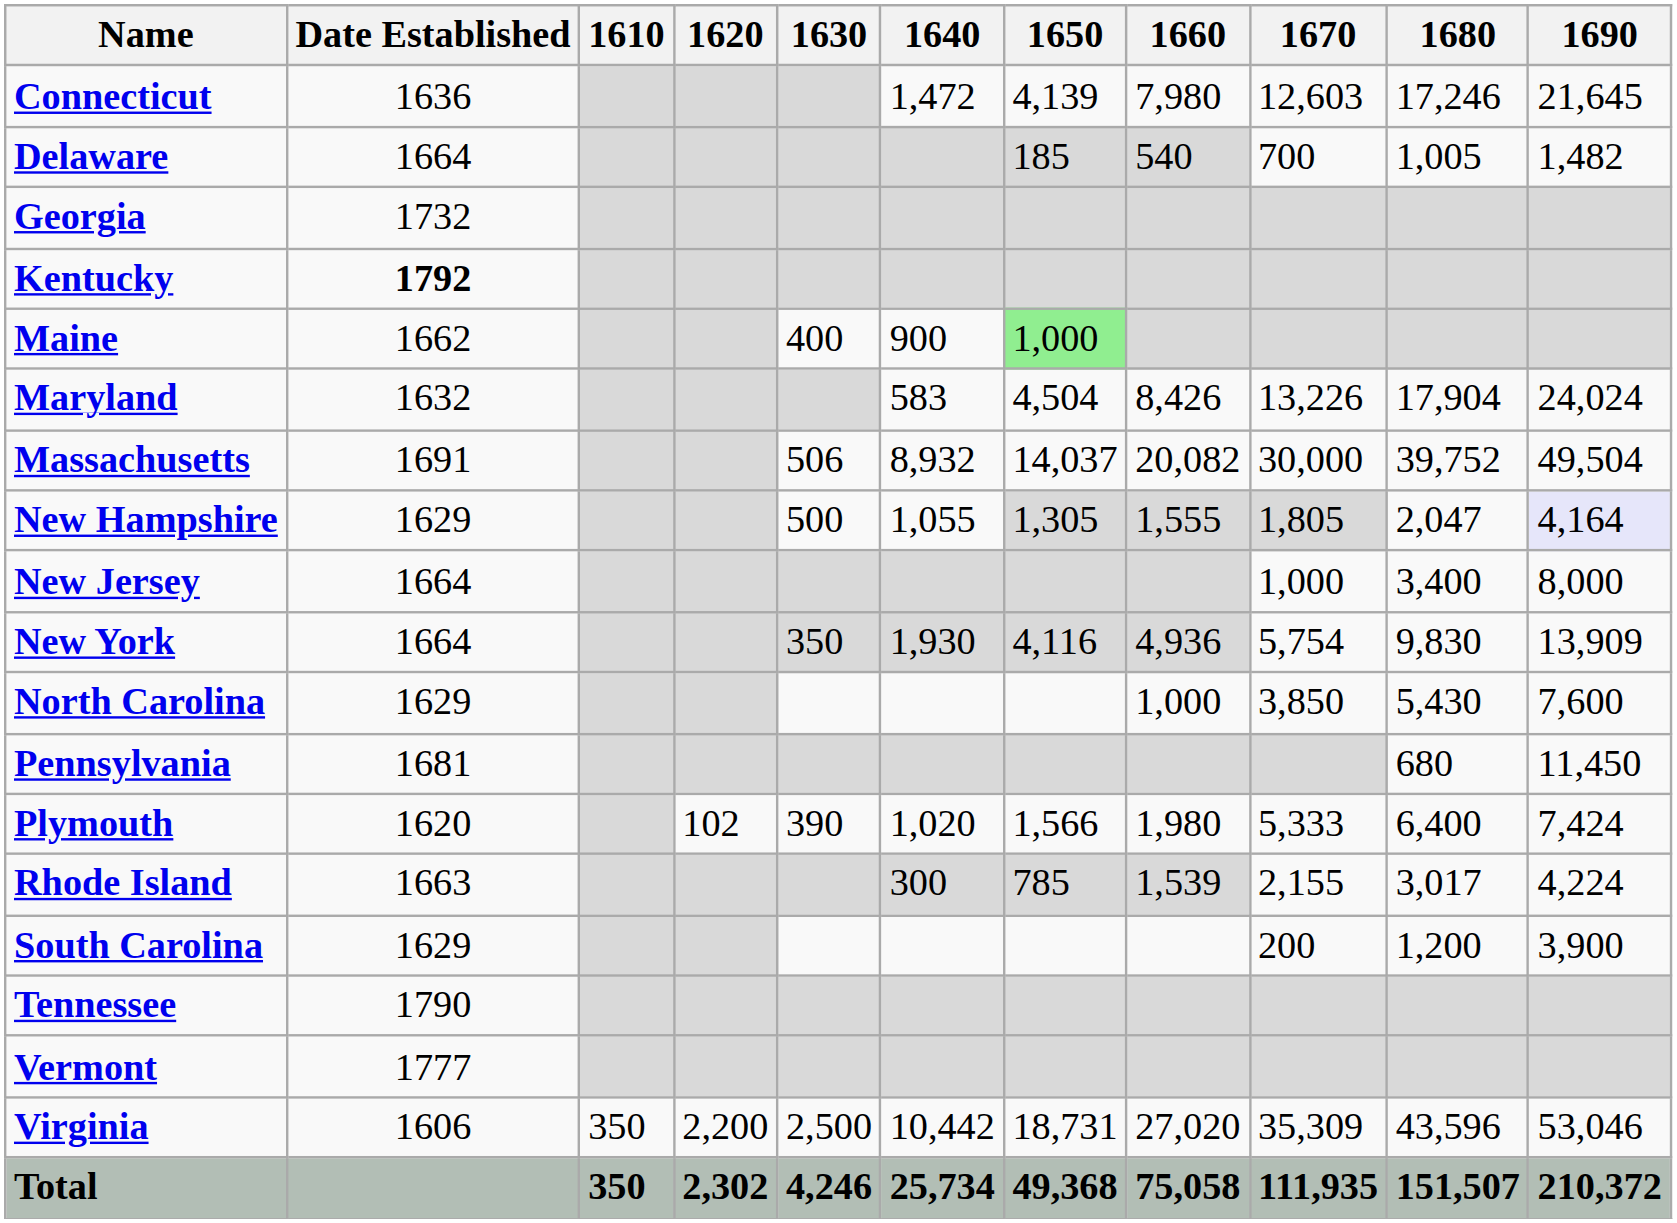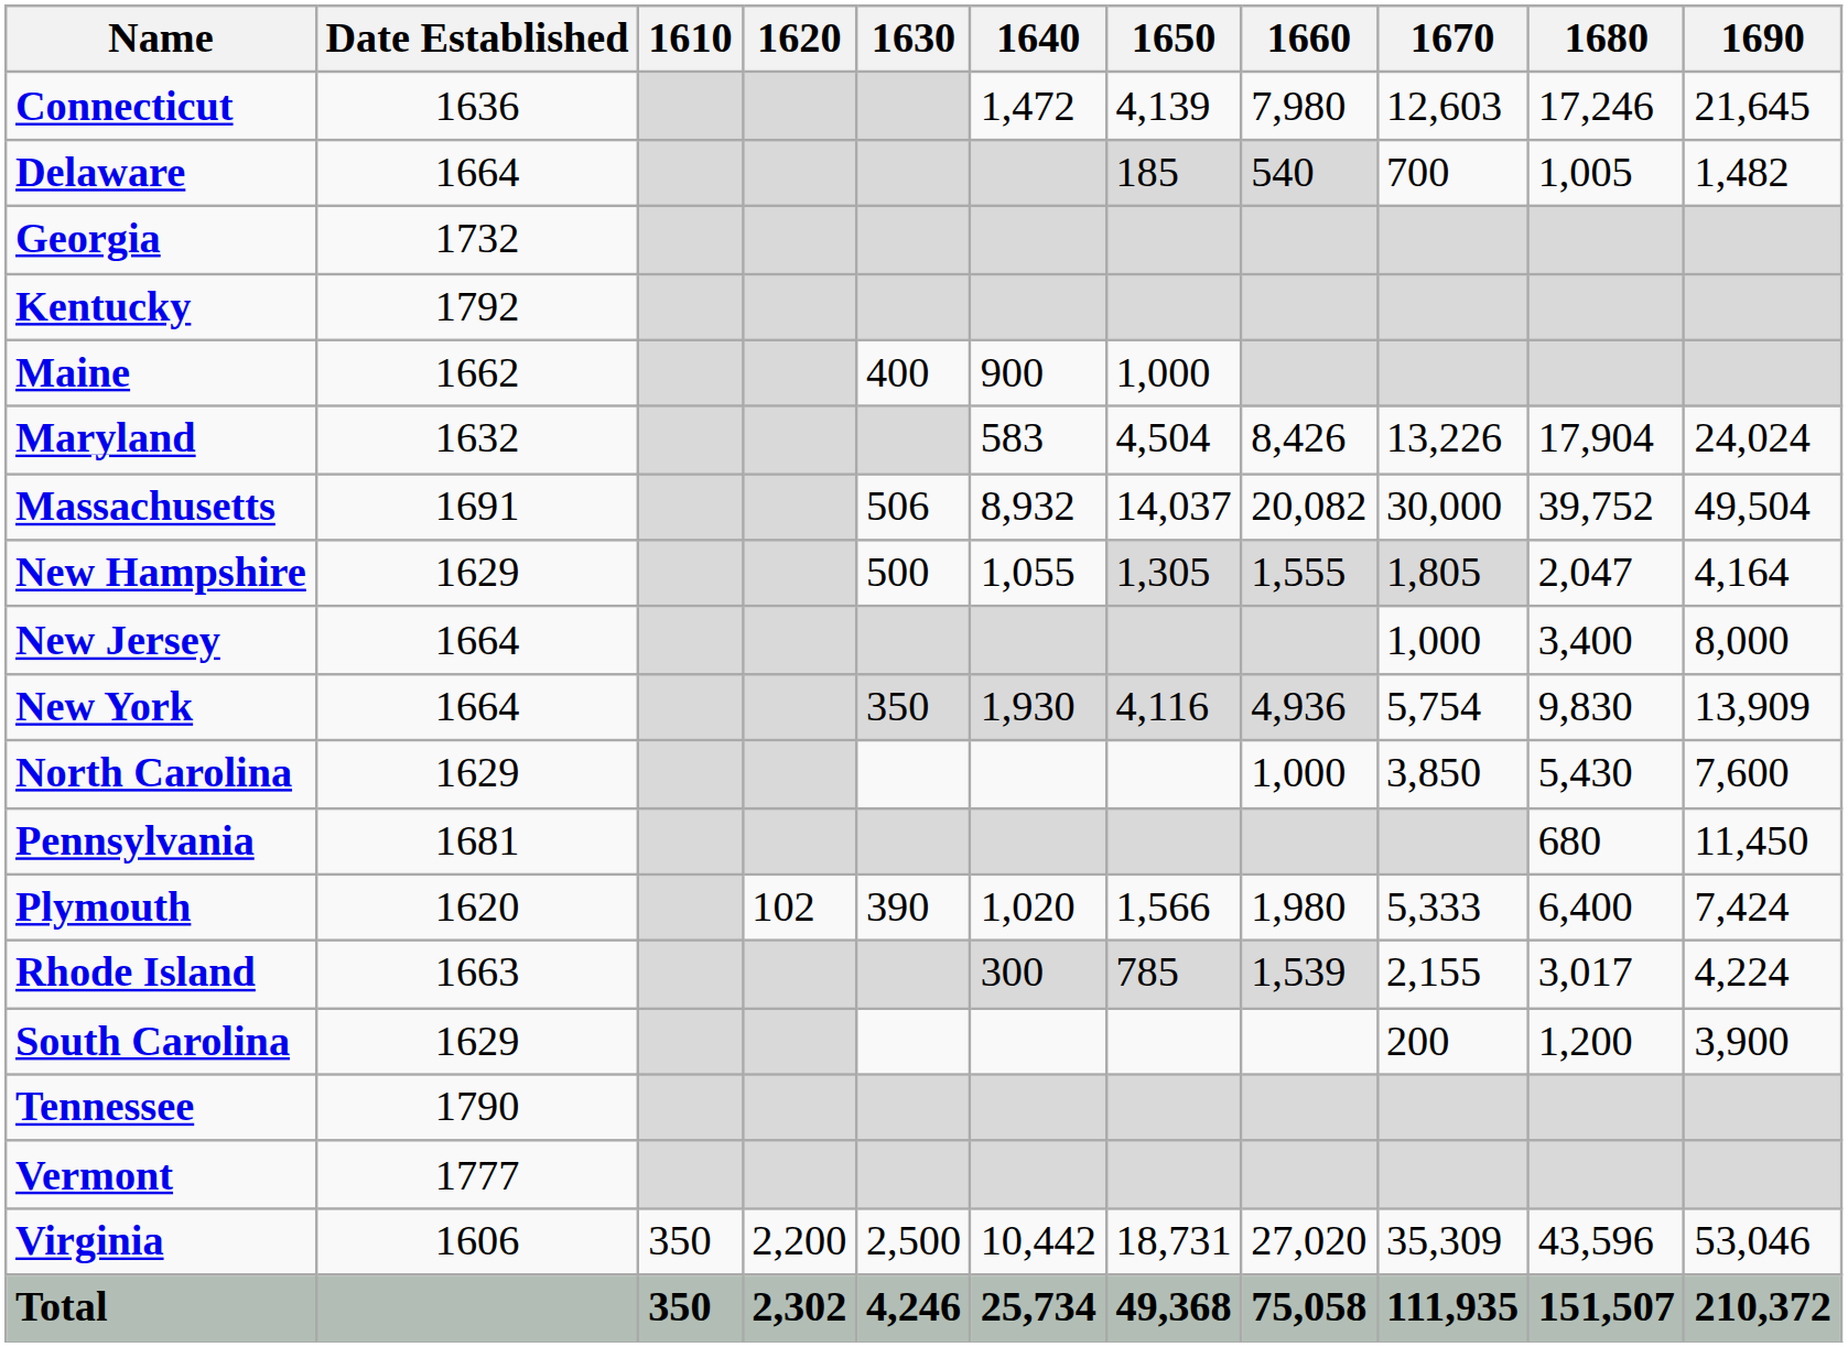 <table class="wikitable sortable" style="font-size:100%" style="text-align:right;">
 <tr bgcolor="#CCCCCC">
 <th>Name</th>
 <th data-sort-type="number">Date Established</th>
 <th data-sort-type="number">1610</th>
 <th data-sort-type="number">1620</th>
 <th data-sort-type="number">1630</th>
 <th data-sort-type="number">1640</th>
 <th data-sort-type="number">1650</th>
 <th data-sort-type="number">1660</th>
 <th data-sort-type="number">1670</th>
 <th data-sort-type="number">1680</th>
 <th data-sort-type="number">1690</th>
 </tr>
 <tr>
 <td height="13" align="left"><strong><a href='#'>Connecticut</a></strong></td>
 <td align="center">1636</td>
 <td style="background-color:#D9D9D9" align="center"></td>
 <td style="background-color:#D9D9D9" align="center"></td>
 <td style="background-color:#D9D9D9" align="center"></td>
 <td>1,472</td>
 <td>4,139</td>
 <td>7,980</td>
 <td>12,603</td>
 <td>17,246</td>
 <td>21,645</td>
 </tr>
 <tr>
 <td height="13" align="left"><strong><a href='#'>Delaware</a></strong></td>
 <td align="center">1664</td>
 <td style="background-color:#D9D9D9" align="center"></td>
 <td style="background-color:#D9D9D9" align="center"></td>
 <td style="background-color:#D9D9D9" align="center"></td>
 <td style="background-color:#D9D9D9" align="center"></td>
 <td style="background-color:#D9D9D9">185</td>
 <td style="background-color:#D9D9D9">540</td>
 <td>700</td>
 <td>1,005</td>
 <td>1,482</td>
 </tr>
 <tr>
 <td height="13" align="left"><strong><a href='#'>Georgia</a></strong></td>
 <td align="center">1732</td>
 <td style="background-color:#D9D9D9" align="center"></td>
 <td style="background-color:#D9D9D9" align="center"></td>
 <td style="background-color:#D9D9D9" align="center"></td>
 <td style="background-color:#D9D9D9" align="center"></td>
 <td style="background-color:#D9D9D9" align="center"></td>
 <td style="background-color:#D9D9D9" align="center"></td>
 <td style="background-color:#D9D9D9" align="center"></td>
 <td style="background-color:#D9D9D9" align="center"></td>
 <td style="background-color:#D9D9D9" align="center"></td>
 </tr>
 <tr>
 <td height="13" align="left"><strong><a href='#'>Kentucky</a></strong></td>
-<td align="center"><strong>1792</strong></td>
+<td align="center">1792</td>
 <td style="background-color:#D9D9D9" align="center"></td>
 <td style="background-color:#D9D9D9" align="center"></td>
 <td style="background-color:#D9D9D9" align="center"></td>
 <td style="background-color:#D9D9D9" align="center"></td>
 <td style="background-color:#D9D9D9" align="center"></td>
 <td style="background-color:#D9D9D9" align="center"></td>
 <td style="background-color:#D9D9D9" align="center"></td>
 <td style="background-color:#D9D9D9" align="center"></td>
 <td style="background-color:#D9D9D9" align="center"></td>
 </tr>
 <tr>
 <td height="13" align="left"><strong><a href='#'>Maine</a></strong></td>
 <td align="center">1662</td>
 <td style="background-color:#D9D9D9" align="center"></td>
 <td style="background-color:#D9D9D9" align="center"></td>
 <td>400</td>
 <td>900</td>
-<td style="background: lightgreen;">1,000</td>
+<td>1,000</td>
 <td style="background-color:#D9D9D9" align="center"></td>
 <td style="background-color:#D9D9D9" align="center"></td>
 <td style="background-color:#D9D9D9" align="center"></td>
 <td style="background-color:#D9D9D9" align="center"></td>
 </tr>
 <tr>
 <td height="13" align="left"><strong><a href='#'>Maryland</a></strong></td>
 <td align="center">1632</td>
 <td style="background-color:#D9D9D9" align="center"></td>
 <td style="background-color:#D9D9D9" align="center"></td>
 <td style="background-color:#D9D9D9" align="center"></td>
 <td>583</td>
 <td>4,504</td>
 <td>8,426</td>
 <td>13,226</td>
 <td>17,904</td>
 <td>24,024</td>
 </tr>
 <tr>
 <td height="13" align="left"><strong><a href='#'>Massachusetts</a></strong></td>
 <td align="center">1691</td>
 <td style="background-color:#D9D9D9" align="center"></td>
 <td style="background-color:#D9D9D9" align="center"></td>
 <td>506</td>
 <td>8,932</td>
 <td>14,037</td>
 <td>20,082</td>
 <td>30,000</td>
 <td>39,752</td>
 <td>49,504</td>
 </tr>
 <tr>
 <td height="13" align="left"><strong><a href='#'>New Hampshire</a></strong></td>
 <td align="center">1629</td>
 <td style="background-color:#D9D9D9" align="center"></td>
 <td style="background-color:#D9D9D9" align="center"></td>
 <td>500</td>
 <td>1,055</td>
 <td style="background-color:#D9D9D9">1,305</td>
 <td style="background-color:#D9D9D9">1,555</td>
 <td style="background-color:#D9D9D9">1,805</td>
 <td>2,047</td>
-<td style="background: lavender;">4,164</td>
+<td>4,164</td>
 </tr>
 <tr>
 <td height="13" align="left"><strong><a href='#'>New Jersey</a></strong></td>
 <td align="center">1664</td>
 <td style="background-color:#D9D9D9" align="center"></td>
 <td style="background-color:#D9D9D9" align="center"></td>
 <td style="background-color:#D9D9D9" align="center"></td>
 <td style="background-color:#D9D9D9" align="center"></td>
 <td style="background-color:#D9D9D9" align="center"></td>
 <td style="background-color:#D9D9D9" align="center"></td>
 <td>1,000</td>
 <td>3,400</td>
 <td>8,000</td>
 </tr>
 <tr>
 <td height="13" align="left"><strong><a href='#'>New York</a></strong></td>
 <td align="center">1664</td>
 <td style="background-color:#D9D9D9" align="center"></td>
 <td style="background-color:#D9D9D9" align="center"></td>
 <td style="background-color:#D9D9D9">350</td>
 <td style="background-color:#D9D9D9">1,930</td>
 <td style="background-color:#D9D9D9">4,116</td>
 <td style="background-color:#D9D9D9">4,936</td>
 <td>5,754</td>
 <td>9,830</td>
 <td>13,909</td>
 </tr>
 <tr>
 <td height="13" align="left"><strong><a href='#'>North Carolina</a></strong></td>
 <td align="center">1629</td>
 <td style="background-color:#D9D9D9" align="center"></td>
 <td style="background-color:#D9D9D9" align="center"></td>
 <td align="center"></td>
 <td align="center"></td>
 <td align="center"></td>
 <td>1,000</td>
 <td>3,850</td>
 <td>5,430</td>
 <td>7,600</td>
 </tr>
 <tr>
 <td height="13" align="left"><strong><a href='#'>Pennsylvania</a></strong></td>
 <td align="center">1681</td>
 <td style="background-color:#D9D9D9" align="center"></td>
 <td style="background-color:#D9D9D9" align="center"></td>
 <td style="background-color:#D9D9D9" align="center"></td>
 <td style="background-color:#D9D9D9" align="center"></td>
 <td style="background-color:#D9D9D9" align="center"></td>
 <td style="background-color:#D9D9D9" align="center"></td>
 <td style="background-color:#D9D9D9" align="center"></td>
 <td>680</td>
 <td>11,450</td>
 </tr>
 <tr>
 <td height="13" align="left"><strong><a href='#'>Plymouth</a></strong></td>
 <td align="center">1620</td>
 <td style="background-color:#D9D9D9" align="center"></td>
 <td>102</td>
 <td>390</td>
 <td>1,020</td>
 <td>1,566</td>
 <td>1,980</td>
 <td>5,333</td>
 <td>6,400</td>
 <td>7,424</td>
 </tr>
 <tr>
 <td height="13" align="left"><strong><a href='#'>Rhode Island</a></strong></td>
 <td align="center">1663</td>
 <td style="background-color:#D9D9D9" align="center"></td>
 <td style="background-color:#D9D9D9" align="center"></td>
 <td style="background-color:#D9D9D9" align="center"></td>
 <td style="background-color:#D9D9D9">300</td>
 <td style="background-color:#D9D9D9">785</td>
 <td style="background-color:#D9D9D9">1,539</td>
 <td>2,155</td>
 <td>3,017</td>
 <td>4,224</td>
 </tr>
 <tr>
 <td height="13" align="left"><strong><a href='#'>South Carolina</a></strong></td>
 <td align="center">1629</td>
 <td style="background-color:#D9D9D9" align="center"></td>
 <td style="background-color:#D9D9D9" align="center"></td>
 <td align="center"></td>
 <td align="center"></td>
 <td align="center"></td>
 <td align="center"></td>
 <td>200</td>
 <td>1,200</td>
 <td>3,900</td>
 </tr>
 <tr>
 <td height="13" align="left"><strong><a href='#'>Tennessee</a></strong></td>
 <td align="center">1790</td>
 <td style="background-color:#D9D9D9" align="center"></td>
 <td style="background-color:#D9D9D9" align="center"></td>
 <td style="background-color:#D9D9D9" align="center"></td>
 <td style="background-color:#D9D9D9" align="center"></td>
 <td style="background-color:#D9D9D9" align="center"></td>
 <td style="background-color:#D9D9D9" align="center"></td>
 <td style="background-color:#D9D9D9" align="center"></td>
 <td style="background-color:#D9D9D9" align="center"></td>
 <td style="background-color:#D9D9D9" align="center"></td>
 </tr>
 <tr>
 <td height="13" align="left"><strong><a href='#'>Vermont</a></strong></td>
 <td align="center">1777</td>
 <td style="background-color:#D9D9D9" align="center"></td>
 <td style="background-color:#D9D9D9" align="center"></td>
 <td style="background-color:#D9D9D9" align="center"></td>
 <td style="background-color:#D9D9D9" align="center"></td>
 <td style="background-color:#D9D9D9" align="center"></td>
 <td style="background-color:#D9D9D9" align="center"></td>
 <td style="background-color:#D9D9D9" align="center"></td>
 <td style="background-color:#D9D9D9" align="center"></td>
 <td style="background-color:#D9D9D9" align="center"></td>
 </tr>
 <tr>
 <td height="13" align="left"><strong><a href='#'>Virginia</a></strong></td>
 <td align="center">1606</td>
 <td>350</td>
 <td>2,200</td>
 <td>2,500</td>
 <td>10,442</td>
 <td>18,731</td>
 <td>27,020</td>
 <td>35,309</td>
 <td>43,596</td>
 <td>53,046</td>
 </tr>
 <tr class="sortbottom" bgcolor="B2BEB5">
 <td style="font-weight:bold" height="13" align="left"><strong>Total</strong></td>
 <td> </td>
 <td style="font-weight:bold">350</td>
 <td style="font-weight:bold">2,302</td>
 <td style="font-weight:bold">4,246</td>
 <td style="font-weight:bold">25,734</td>
 <td style="font-weight:bold">49,368</td>
 <td style="font-weight:bold">75,058</td>
 <td style="font-weight:bold">111,935</td>
 <td style="font-weight:bold">151,507</td>
 <td style="font-weight:bold">210,372</td>
 </tr>
 <tr>
 </tr>
 </table>
